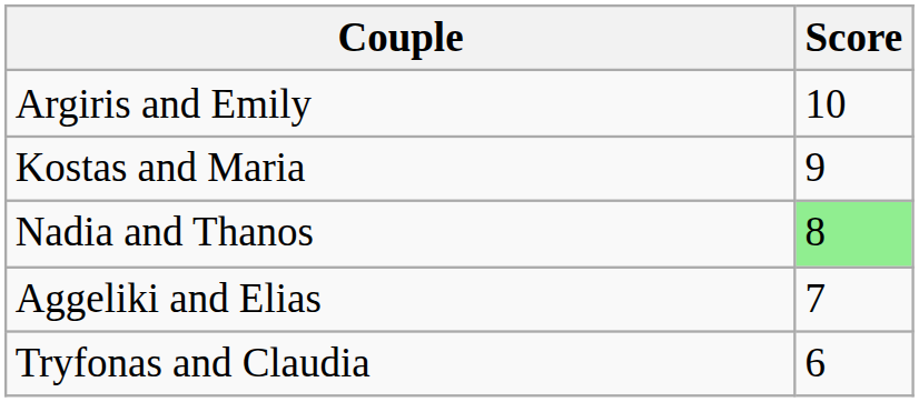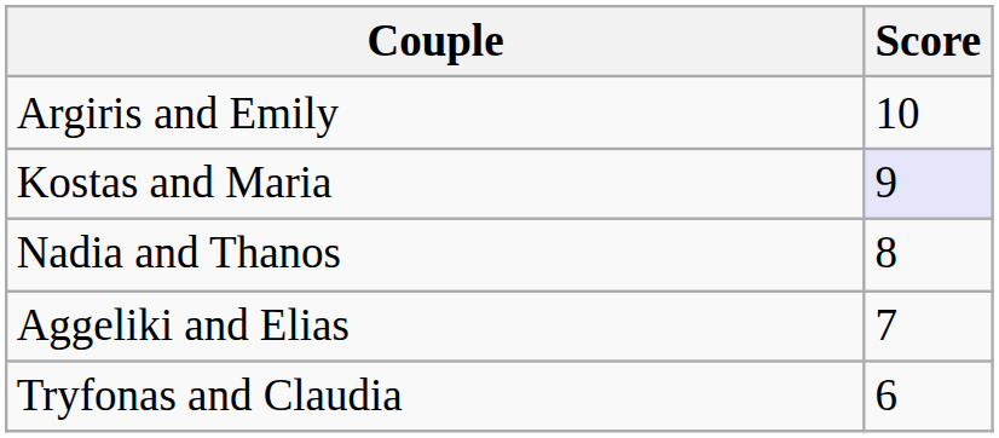 <table class="wikitable" style="width:40%;">
 <tr>
 <th style="width:150%;">Couple</th>
 <th style="width:5%;">Score</th>
 </tr>
 <tr>
 <td>Argiris and Emily</td>
 <td>10</td>
 </tr>
 <tr>
 <td>Kostas and Maria</td>
-<td>9</td>
+<td style="background: lavender;">9</td>
 </tr>
 <tr>
 <td>Nadia and Thanos</td>
-<td style="background: lightgreen;">8</td>
+<td>8</td>
 </tr>
 <tr>
 <td>Aggeliki and Elias</td>
 <td>7</td>
 </tr>
 <tr>
 <td>Tryfonas and Claudia</td>
 <td>6</td>
 </tr>
 </table>
